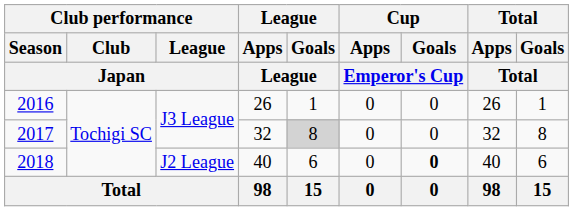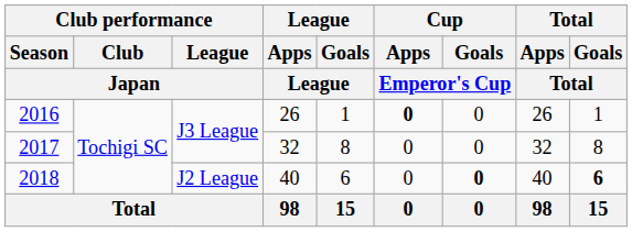 <table class="wikitable" style="text-align:center;">
 <tr>
 <th colspan=3>Club performance</th>
 <th colspan=2>League</th>
 <th colspan=2>Cup</th>
 <th colspan=2>Total</th>
 </tr>
 <tr>
 <th>Season</th>
 <th>Club</th>
 <th>League</th>
 <th>Apps</th>
 <th>Goals</th>
 <th>Apps</th>
 <th>Goals</th>
 <th>Apps</th>
 <th>Goals</th>
 </tr>
 <tr>
 <th colspan=3>Japan</th>
 <th colspan=2>League</th>
 <th colspan=2><a href='#'>Emperor's Cup</a></th>
 <th colspan=2>Total</th>
 </tr>
 <tr>
 <td><a href='#'>2016</a></td>
 <td rowspan="3"><a href='#'>Tochigi SC</a></td>
 <td rowspan="2"><a href='#'>J3 League</a></td>
 <td>26</td>
 <td>1</td>
-<td>0</td>
+<td><strong>0</strong></td>
 <td>0</td>
 <td>26</td>
 <td>1</td>
 </tr>
 <tr>
 <td><a href='#'>2017</a></td>
 <td>32</td>
-<td style="background: lightgrey;">8</td>
+<td>8</td>
 <td>0</td>
 <td>0</td>
 <td>32</td>
 <td>8</td>
 </tr>
 <tr>
 <td><a href='#'>2018</a></td>
 <td rowspan=1><a href='#'>J2 League</a></td>
 <td>40</td>
 <td>6</td>
 <td>0</td>
 <td><strong>0</strong></td>
 <td>40</td>
-<td>6</td>
+<td><strong>6</strong></td>
 </tr>
 <tr>
 <th colspan=3>Total</th>
 <th>98</th>
 <th>15</th>
 <th>0</th>
 <th>0</th>
 <th>98</th>
 <th>15</th>
 </tr>
 </table>
